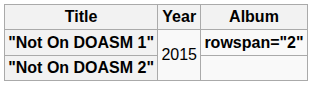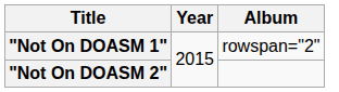 <table class="wikitable plainrowheaders" style="text-align:center;">
 <tr>
 <th>Title</th>
 <th>Year</th>
 <th>Album</th>
 </tr>
 <tr>
 <th scope="row">"Not On DOASM 1"<br></th>
 <td rowspan="2">2015</td>
-<td><strong>rowspan="2" </strong></td>
+<td>rowspan="2" </td>
 </tr>
 <tr>
 <th scope="row">"Not On DOASM 2"<br></th>
 </tr>
 </table>
